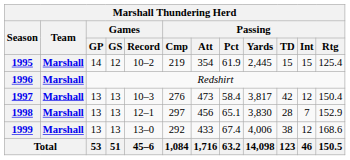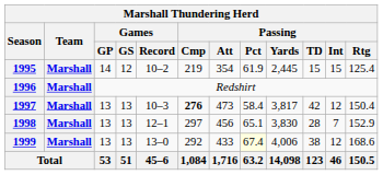 <table class="wikitable" style="text-align:center;">
 <tr>
 <th colspan="14">Marshall Thundering Herd</th>
 </tr>
 <tr>
 <th rowspan="2">Season</th>
 <th rowspan="2">Team</th>
 <th colspan="3">Games</th>
 <th colspan="7">Passing</th>
 </tr>
 <tr>
 <th>GP</th>
 <th>GS</th>
 <th>Record</th>
 <th>Cmp</th>
 <th>Att</th>
 <th>Pct</th>
 <th>Yards</th>
 <th>TD</th>
 <th>Int</th>
 <th>Rtg</th>
 </tr>
 <tr>
 <th><a href='#'>1995</a></th>
 <th><a href='#'>Marshall</a></th>
 <td>14</td>
 <td>12</td>
 <td>10–2</td>
 <td>219</td>
 <td>354</td>
 <td>61.9</td>
 <td>2,445</td>
 <td>15</td>
 <td>15</td>
 <td>125.4</td>
 </tr>
 <tr>
 <th><a href='#'>1996</a></th>
 <th><a href='#'>Marshall</a></th>
 <td colspan="10"><em>Redshirt </em></td>
 </tr>
 <tr>
 <th><a href='#'>1997</a></th>
 <th><a href='#'>Marshall</a></th>
 <td>13</td>
 <td>13</td>
 <td>10–3</td>
-<td>276</td>
+<td><strong>276</strong></td>
 <td>473</td>
 <td>58.4</td>
 <td>3,817</td>
 <td>42</td>
 <td>12</td>
 <td>150.4</td>
 </tr>
 <tr>
 <th><a href='#'>1998</a></th>
 <th><a href='#'>Marshall</a></th>
 <td>13</td>
 <td>13</td>
 <td>12–1</td>
 <td>297</td>
 <td>456</td>
 <td>65.1</td>
 <td>3,830</td>
 <td>28</td>
 <td>7</td>
 <td>152.9</td>
 </tr>
 <tr>
 <th><a href='#'>1999</a></th>
 <th><a href='#'>Marshall</a></th>
 <td>13</td>
 <td>13</td>
 <td>13–0</td>
 <td>292</td>
 <td>433</td>
-<td>67.4</td>
+<td style="background: lightyellow;">67.4</td>
 <td>4,006</td>
 <td>38</td>
 <td>12</td>
 <td>168.6</td>
 </tr>
 <tr>
 <th colspan="2">Total</th>
 <th>53</th>
 <th>51</th>
 <th>45–6</th>
 <th>1,084</th>
 <th>1,716</th>
 <th>63.2</th>
 <th>14,098</th>
 <th>123</th>
 <th>46</th>
 <th>150.5</th>
 </tr>
 </table>
